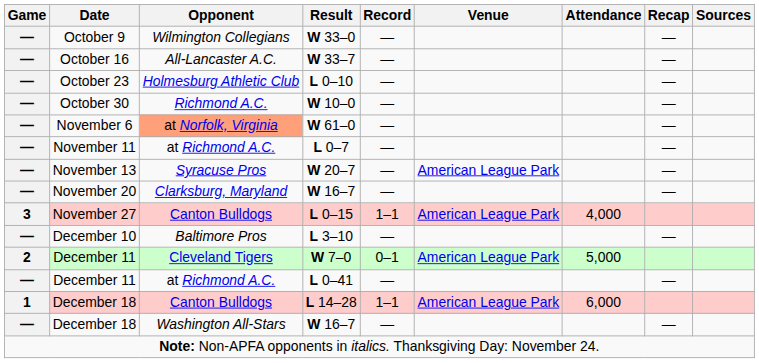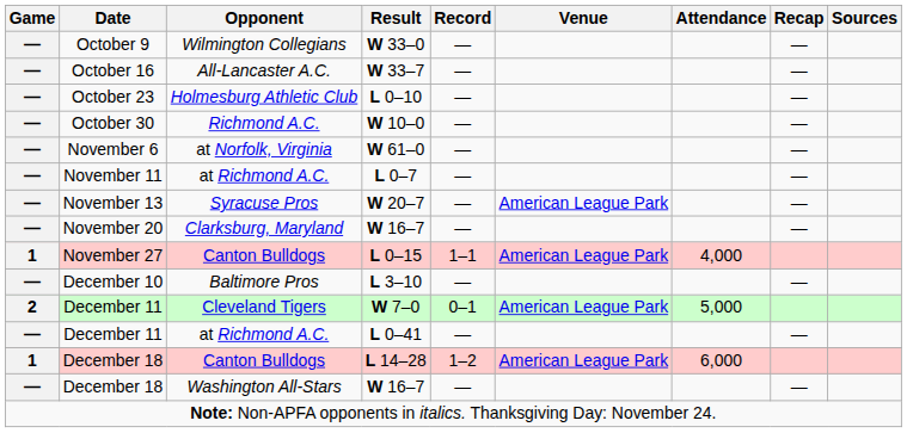 <table class="wikitable" style="text-align:center">
 <tr>
 <th>Game</th>
 <th>Date</th>
 <th>Opponent</th>
 <th>Result</th>
 <th>Record</th>
 <th>Venue</th>
 <th>Attendance</th>
 <th>Recap</th>
 <th>Sources</th>
 </tr>
 <tr>
 <th>—</th>
 <td>October 9</td>
 <td><em>Wilmington Collegians</em></td>
 <td><strong>W</strong> 33–0</td>
 <td>—</td>
 <td></td>
 <td></td>
 <td>—</td>
 <td></td>
 </tr>
 <tr>
 <th>—</th>
 <td>October 16</td>
 <td><em>All-Lancaster A.C.</em></td>
 <td><strong>W</strong> 33–7</td>
 <td>—</td>
 <td></td>
 <td></td>
 <td>—</td>
 <td></td>
 </tr>
 <tr>
 <th>—</th>
 <td>October 23</td>
 <td><em><a href='#'>Holmesburg Athletic Club</a></em></td>
 <td><strong>L</strong> 0–10</td>
 <td>—</td>
 <td></td>
 <td></td>
 <td>—</td>
 <td></td>
 </tr>
 <tr>
 <th>—</th>
 <td>October 30</td>
 <td><em><a href='#'>Richmond A.C.</a></em></td>
 <td><strong>W</strong> 10–0</td>
 <td>—</td>
 <td></td>
 <td></td>
 <td>—</td>
 <td></td>
 </tr>
 <tr>
 <th>—</th>
 <td>November 6</td>
-<td style="background: lightsalmon;">at <em><a href='#'>Norfolk, Virginia</a></em></td>
+<td>at <em><a href='#'>Norfolk, Virginia</a></em></td>
 <td><strong>W</strong> 61–0</td>
 <td>—</td>
 <td></td>
 <td></td>
 <td>—</td>
 <td></td>
 </tr>
 <tr>
 <th>—</th>
 <td>November 11</td>
 <td>at <em><a href='#'>Richmond A.C.</a></em></td>
 <td><strong>L</strong> 0–7</td>
 <td>—</td>
 <td></td>
 <td></td>
 <td>—</td>
 <td></td>
 </tr>
 <tr>
 <th>—</th>
 <td>November 13</td>
 <td><em><a href='#'>Syracuse Pros</a></em></td>
 <td><strong>W</strong> 20–7</td>
 <td>—</td>
 <td><a href='#'>American League Park</a></td>
 <td></td>
 <td>—</td>
 <td></td>
 </tr>
 <tr>
 <th>—</th>
 <td>November 20</td>
 <td><em><a href='#'>Clarksburg, Maryland</a></em></td>
 <td><strong>W</strong> 16–7</td>
 <td>—</td>
 <td></td>
 <td></td>
 <td>—</td>
 <td></td>
 </tr>
 <tr style="background:#fcc">
-<th>3</th>
+<th>1</th>
 <td>November 27</td>
 <td><a href='#'>Canton Bulldogs</a></td>
 <td><strong>L</strong> 0–15</td>
 <td>1–1</td>
 <td><a href='#'>American League Park</a></td>
 <td>4,000</td>
 <td></td>
 <td></td>
 </tr>
 <tr>
 <th>—</th>
 <td>December 10</td>
 <td><em>Baltimore Pros</em></td>
 <td><strong>L</strong> 3–10</td>
 <td>—</td>
 <td></td>
 <td></td>
 <td>—</td>
 <td></td>
 </tr>
 <tr style="background:#cfc">
 <th>2</th>
 <td>December 11</td>
 <td><a href='#'>Cleveland Tigers</a></td>
 <td><strong>W</strong> 7–0</td>
 <td>0–1</td>
 <td><a href='#'>American League Park</a></td>
 <td>5,000</td>
 <td></td>
 <td></td>
 </tr>
 <tr>
 <th>—</th>
 <td>December 11</td>
 <td>at <em><a href='#'>Richmond A.C.</a></em></td>
 <td><strong>L</strong> 0–41</td>
 <td>—</td>
 <td></td>
 <td></td>
 <td>—</td>
 <td></td>
 </tr>
 <tr style="background:#fcc">
 <th>1</th>
 <td>December 18</td>
 <td><a href='#'>Canton Bulldogs</a></td>
 <td><strong>L</strong> 14–28</td>
-<td>1–1</td>
+<td>1–2</td>
 <td><a href='#'>American League Park</a></td>
 <td>6,000</td>
 <td></td>
 <td></td>
 </tr>
 <tr>
 <th>—</th>
 <td>December 18</td>
 <td><em>Washington All-Stars</em></td>
 <td><strong>W</strong> 16–7</td>
 <td>—</td>
 <td></td>
 <td></td>
 <td>—</td>
 <td></td>
 </tr>
 <tr>
 <td colspan="10"><strong>Note:</strong> Non-APFA opponents in <em>italics.</em> Thanksgiving Day: November 24.</td>
 </tr>
 </table>
